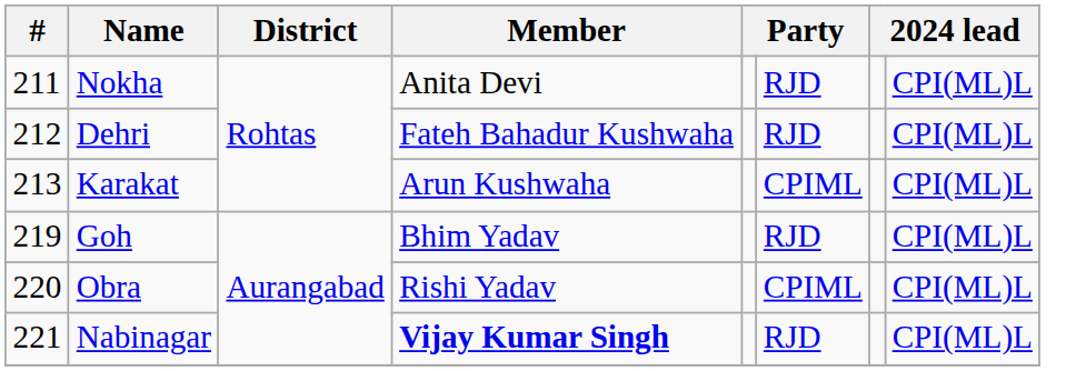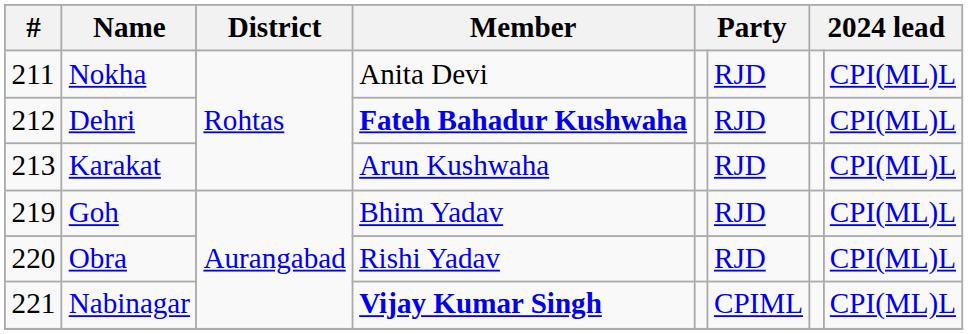 <table class="wikitable">
 <tr>
 <th>#</th>
 <th>Name</th>
 <th>District</th>
 <th>Member</th>
 <th colspan="2">Party</th>
 <th colspan="2">2024 lead</th>
 </tr>
 <tr>
 <td>211</td>
 <td><a href='#'>Nokha</a></td>
 <td rowspan="3"><a href='#'>Rohtas</a></td>
 <td>Anita Devi</td>
 <td style="background-color: "></td>
 <td><a href='#'>RJD</a></td>
 <td style="background-color: "></td>
 <td><a href='#'>CPI(ML)L</a></td>
 </tr>
 <tr>
 <td>212</td>
 <td><a href='#'>Dehri</a></td>
-<td><a href='#'>Fateh Bahadur Kushwaha</a></td>
+<td><strong><a href='#'>Fateh Bahadur Kushwaha</a></strong></td>
 <td style="background-color: "></td>
 <td><a href='#'>RJD</a></td>
 <td style="background-color: "></td>
 <td><a href='#'>CPI(ML)L</a></td>
 </tr>
 <tr>
 <td>213</td>
 <td><a href='#'>Karakat</a></td>
 <td><a href='#'>Arun Kushwaha</a></td>
 <td style="background-color: "></td>
-<td><a href='#'>CPIML</a></td>
+<td><a href='#'>RJD</a></td>
 <td style="background-color: "></td>
 <td><a href='#'>CPI(ML)L</a></td>
 </tr>
 <tr>
 <td>219</td>
 <td><a href='#'>Goh</a></td>
 <td rowspan="3"><a href='#'>Aurangabad</a></td>
 <td><a href='#'>Bhim Yadav</a></td>
 <td style="background-color: "></td>
 <td><a href='#'>RJD</a></td>
 <td style="background-color: "></td>
 <td><a href='#'>CPI(ML)L</a></td>
 </tr>
 <tr>
 <td>220</td>
 <td><a href='#'>Obra</a></td>
 <td><a href='#'>Rishi Yadav</a></td>
 <td style="background-color: "></td>
-<td><a href='#'>CPIML</a></td>
+<td><a href='#'>RJD</a></td>
 <td style="background-color: "></td>
 <td><a href='#'>CPI(ML)L</a></td>
 </tr>
 <tr>
 <td>221</td>
 <td><a href='#'>Nabinagar</a></td>
 <td><strong><a href='#'>Vijay Kumar Singh</a></strong></td>
 <td style="background-color: "></td>
-<td><a href='#'>RJD</a></td>
+<td><a href='#'>CPIML</a></td>
 <td style="background-color: "></td>
 <td><a href='#'>CPI(ML)L</a></td>
 </tr>
 <tr>
 </tr>
 </table>
